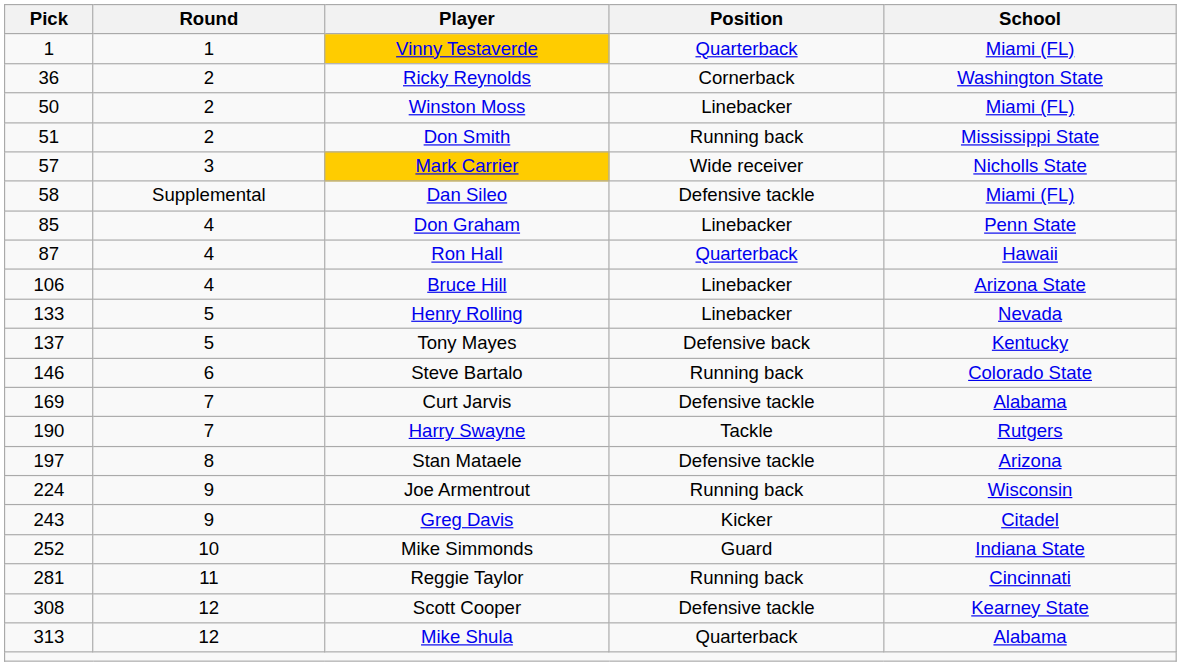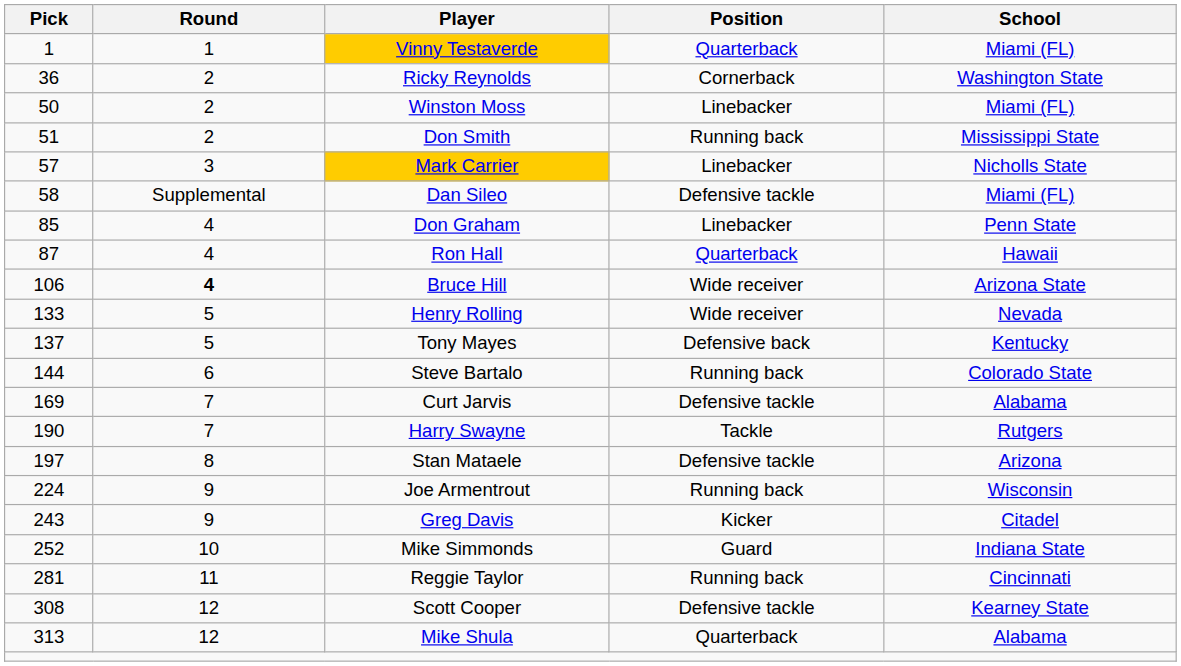 <table class="wikitable sortable sortable" style="min-width:80%">
 <tr>
 <th>Pick</th>
 <th>Round</th>
 <th>Player</th>
 <th>Position</th>
 <th>School</th>
 </tr>
 <tr align=center>
 <td>1</td>
 <td>1</td>
 <td style="background:#fc0;"><a href='#'>Vinny Testaverde</a></td>
 <td><a href='#'>Quarterback</a></td>
 <td><a href='#'>Miami (FL)</a></td>
 </tr>
 <tr align=center>
 <td>36</td>
 <td>2</td>
 <td><a href='#'>Ricky Reynolds</a></td>
 <td>Cornerback</td>
 <td><a href='#'>Washington State</a></td>
 </tr>
 <tr align=center>
 <td>50</td>
 <td>2</td>
 <td><a href='#'>Winston Moss</a></td>
 <td>Linebacker</td>
 <td><a href='#'>Miami (FL)</a></td>
 </tr>
 <tr align=center>
 <td>51</td>
 <td>2</td>
 <td><a href='#'>Don Smith</a></td>
 <td>Running back</td>
 <td><a href='#'>Mississippi State</a></td>
 </tr>
 <tr align=center>
 <td>57</td>
 <td>3</td>
 <td style="background:#fc0;"><a href='#'>Mark Carrier</a></td>
-<td>Wide receiver</td>
+<td>Linebacker</td>
 <td><a href='#'>Nicholls State</a></td>
 </tr>
 <tr align=center>
 <td>58</td>
 <td>Supplemental</td>
 <td><a href='#'>Dan Sileo</a></td>
 <td>Defensive tackle</td>
 <td><a href='#'>Miami (FL)</a></td>
 </tr>
 <tr align=center>
 <td>85</td>
 <td>4</td>
 <td><a href='#'>Don Graham</a></td>
 <td>Linebacker</td>
 <td><a href='#'>Penn State</a></td>
 </tr>
 <tr align=center>
 <td>87</td>
 <td>4</td>
 <td><a href='#'>Ron Hall</a></td>
 <td><a href='#'>Quarterback</a></td>
 <td><a href='#'>Hawaii</a></td>
 </tr>
 <tr align=center>
 <td>106</td>
-<td>4</td>
+<td><strong>4</strong></td>
 <td><a href='#'>Bruce Hill</a></td>
-<td>Linebacker</td>
+<td>Wide receiver</td>
 <td><a href='#'>Arizona State</a></td>
 </tr>
 <tr align=center>
 <td>133</td>
 <td>5</td>
 <td><a href='#'>Henry Rolling</a></td>
-<td>Linebacker</td>
+<td>Wide receiver</td>
 <td><a href='#'>Nevada</a></td>
 </tr>
 <tr align=center>
 <td>137</td>
 <td>5</td>
 <td>Tony Mayes</td>
 <td>Defensive back</td>
 <td><a href='#'>Kentucky</a></td>
 </tr>
 <tr align=center>
-<td>146</td>
+<td>144</td>
 <td>6</td>
 <td>Steve Bartalo</td>
 <td>Running back</td>
 <td><a href='#'>Colorado State</a></td>
 </tr>
 <tr align=center>
 <td>169</td>
 <td>7</td>
 <td>Curt Jarvis</td>
 <td>Defensive tackle</td>
 <td><a href='#'>Alabama</a></td>
 </tr>
 <tr align=center>
 <td>190</td>
 <td>7</td>
 <td><a href='#'>Harry Swayne</a></td>
 <td>Tackle</td>
 <td><a href='#'>Rutgers</a></td>
 </tr>
 <tr align=center>
 <td>197</td>
 <td>8</td>
 <td>Stan Mataele</td>
 <td>Defensive tackle</td>
 <td><a href='#'>Arizona</a></td>
 </tr>
 <tr align=center>
 <td>224</td>
 <td>9</td>
 <td>Joe Armentrout</td>
 <td>Running back</td>
 <td><a href='#'>Wisconsin</a></td>
 </tr>
 <tr align=center>
 <td>243</td>
 <td>9</td>
 <td><a href='#'>Greg Davis</a></td>
 <td>Kicker</td>
 <td><a href='#'>Citadel</a></td>
 </tr>
 <tr align=center>
 <td>252</td>
 <td>10</td>
 <td>Mike Simmonds</td>
 <td>Guard</td>
 <td><a href='#'>Indiana State</a></td>
 </tr>
 <tr align=center>
 <td>281</td>
 <td>11</td>
 <td>Reggie Taylor</td>
 <td>Running back</td>
 <td><a href='#'>Cincinnati</a></td>
 </tr>
 <tr align=center>
 <td>308</td>
 <td>12</td>
 <td>Scott Cooper</td>
 <td>Defensive tackle</td>
 <td><a href='#'>Kearney State</a></td>
 </tr>
 <tr align=center>
 <td>313</td>
 <td>12</td>
 <td><a href='#'>Mike Shula</a></td>
 <td>Quarterback</td>
 <td><a href='#'>Alabama</a></td>
 </tr>
 <tr>
 <td colspan="5"></td>
 </tr>
 </table>
